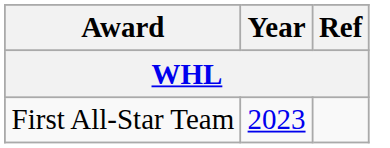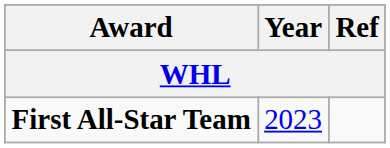 <table class="wikitable">
 <tr>
 <th>Award</th>
 <th>Year</th>
 <th>Ref</th>
 </tr>
 <tr>
 <th colspan="3"><a href='#'>WHL</a></th>
 </tr>
 <tr>
-<td>First All-Star Team</td>
+<td><strong>First All-Star Team</strong></td>
 <td><a href='#'>2023</a></td>
 <td></td>
 </tr>
 </table>
